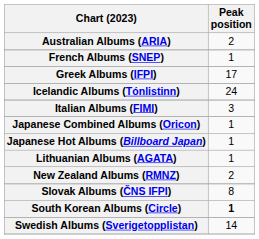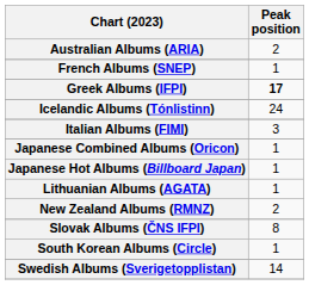 <table class="wikitable plainrowheaders sortable" style="text-align:center">
 <tr>
 <th scope="col">Chart (2023)</th>
 <th scope="col">Peak<br>position</th>
 </tr>
 <tr>
 <th scope="row">Australian Albums (<a href='#'>ARIA</a>)</th>
 <td>2</td>
 </tr>
 <tr>
 </tr>
 <tr>
 </tr>
 <tr>
 </tr>
 <tr>
 </tr>
 <tr>
 </tr>
 <tr>
 </tr>
 <tr>
 </tr>
 <tr>
 </tr>
 <tr>
 <th scope="row">French Albums (<a href='#'>SNEP</a>)</th>
 <td>1</td>
 </tr>
 <tr>
 </tr>
 <tr>
 <th scope="row">Greek Albums (<a href='#'>IFPI</a>)</th>
-<td>17</td>
+<td><strong>17</strong></td>
 </tr>
 <tr>
 </tr>
 <tr>
 <th scope="row">Icelandic Albums (<a href='#'>Tónlistinn</a>)</th>
 <td>24</td>
 </tr>
 <tr>
 </tr>
 <tr>
 <th scope="row">Italian Albums (<a href='#'>FIMI</a>)</th>
 <td>3</td>
 </tr>
 <tr>
 </tr>
 <tr>
 <th scope="row">Japanese Combined Albums (<a href='#'>Oricon</a>)</th>
 <td>1</td>
 </tr>
 <tr>
 <th scope="row">Japanese Hot Albums (<em><a href='#'>Billboard Japan</a></em>)</th>
 <td>1</td>
 </tr>
 <tr>
 <th scope="row">Lithuanian Albums (<a href='#'>AGATA</a>)</th>
 <td>1</td>
 </tr>
 <tr>
 <th scope="row">New Zealand Albums (<a href='#'>RMNZ</a>)</th>
 <td>2</td>
 </tr>
 <tr>
 </tr>
 <tr>
 </tr>
 <tr>
 </tr>
 <tr>
 </tr>
 <tr>
 <th scope="row">Slovak Albums (<a href='#'>ČNS IFPI</a>)</th>
 <td>8</td>
 </tr>
 <tr>
 <th scope="row">South Korean Albums (<a href='#'>Circle</a>)</th>
-<td><strong>1</strong></td>
+<td>1</td>
 </tr>
 <tr>
 </tr>
 <tr>
 <th scope="row">Swedish Albums (<a href='#'>Sverigetopplistan</a>)</th>
 <td>14</td>
 </tr>
 <tr>
 </tr>
 <tr>
 </tr>
 <tr>
 </tr>
 </table>
